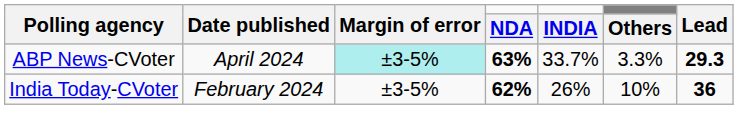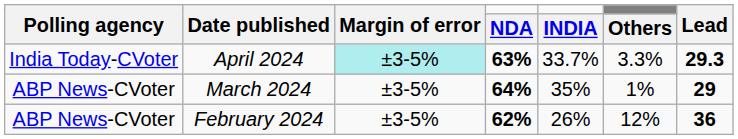 <table class="wikitable sortable" style="text-align:center;font-size:95%;line-height:16px">
 <tr>
 <th rowspan="2">Polling agency</th>
 <th rowspan="2">Date published</th>
 <th rowspan="2">Margin of error</th>
 <td></td>
 <td></td>
 <td bgcolor="grey"></td>
 <th rowspan="2">Lead</th>
 </tr>
 <tr>
 <th><a href='#'>NDA</a></th>
 <th><a href='#'>INDIA</a></th>
 <th>Others</th>
 </tr>
 <tr>
-<td><a href='#'>ABP News</a>-CVoter</td>
+<td><a href='#'>India Today</a>-<a href='#'>CVoter</a></td>
 <td><em>April 2024</em></td>
 <td style="background: paleturquoise;">±3-5%</td>
 <td bgcolor=><strong>63%</strong></td>
 <td>33.7%</td>
 <td>3.3%</td>
 <td bgcolor=><strong>29.3</strong></td>
 </tr>
 <tr>
-<td><a href='#'>India Today</a>-<a href='#'>CVoter</a></td>
+<td><a href='#'>ABP News</a>-CVoter</td>
+<td><em>March 2024</em></td>
+<td>±3-5%</td>
+<td bgcolor=><strong>64%</strong></td>
+<td>35%</td>
+<td>1%</td>
+<td bgcolor=><strong>29</strong></td>
+</tr>
+<tr>
+<td><a href='#'>ABP News</a>-CVoter</td>
 <td><em>February 2024</em></td>
 <td>±3-5%</td>
 <td><strong>62%</strong></td>
 <td>26%</td>
-<td>10%</td>
+<td>12%</td>
 <td><strong>36</strong></td>
 </tr>
 </table>
